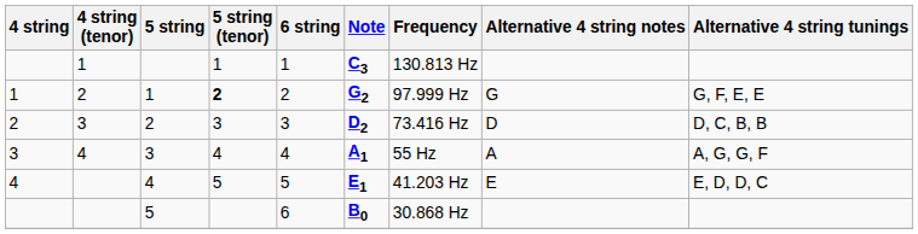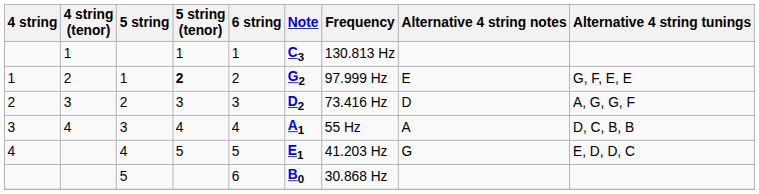 <table class="wikitable">
 <tr>
 <th>4 string</th>
 <th>4 string<br>(tenor)</th>
 <th>5 string</th>
 <th>5 string<br>(tenor)</th>
 <th>6 string</th>
 <th><a href='#'>Note</a></th>
 <th>Frequency</th>
 <th>Alternative 4 string notes</th>
 <th>Alternative 4 string tunings</th>
 </tr>
 <tr>
 <td></td>
 <td>1</td>
 <td></td>
 <td>1</td>
 <td>1</td>
 <td><strong><a href='#'>C</a><sub>3</sub></strong></td>
 <td>130.813 Hz</td>
 <td></td>
 <td></td>
 </tr>
 <tr>
 <td>1</td>
 <td>2</td>
 <td>1</td>
 <td><strong>2</strong></td>
 <td>2</td>
 <td><strong><a href='#'>G</a><sub>2</sub></strong></td>
 <td>97.999 Hz</td>
-<td>G</td>
+<td>E</td>
 <td>G, F, E, E</td>
 </tr>
 <tr>
 <td>2</td>
 <td>3</td>
 <td>2</td>
 <td>3</td>
 <td>3</td>
 <td><strong><a href='#'>D</a><sub>2</sub></strong></td>
 <td>73.416 Hz</td>
 <td>D</td>
-<td>D, C, B, B</td>
+<td>A, G, G, F</td>
 </tr>
 <tr>
 <td>3</td>
 <td>4</td>
 <td>3</td>
 <td>4</td>
 <td>4</td>
 <td><strong><a href='#'>A</a><sub>1</sub></strong></td>
 <td>55 Hz</td>
 <td>A</td>
-<td>A, G, G, F</td>
+<td>D, C, B, B</td>
 </tr>
 <tr>
 <td>4</td>
 <td></td>
 <td>4</td>
 <td>5</td>
 <td>5</td>
 <td><strong><a href='#'>E</a><sub>1</sub></strong></td>
 <td>41.203 Hz</td>
-<td>E</td>
+<td>G</td>
 <td>E, D, D, C</td>
 </tr>
 <tr>
 <td></td>
 <td></td>
 <td>5</td>
 <td></td>
 <td>6</td>
 <td><strong><a href='#'>B</a><sub>0</sub></strong></td>
 <td>30.868 Hz</td>
 <td></td>
 <td></td>
 </tr>
 <tr>
 </tr>
 </table>
